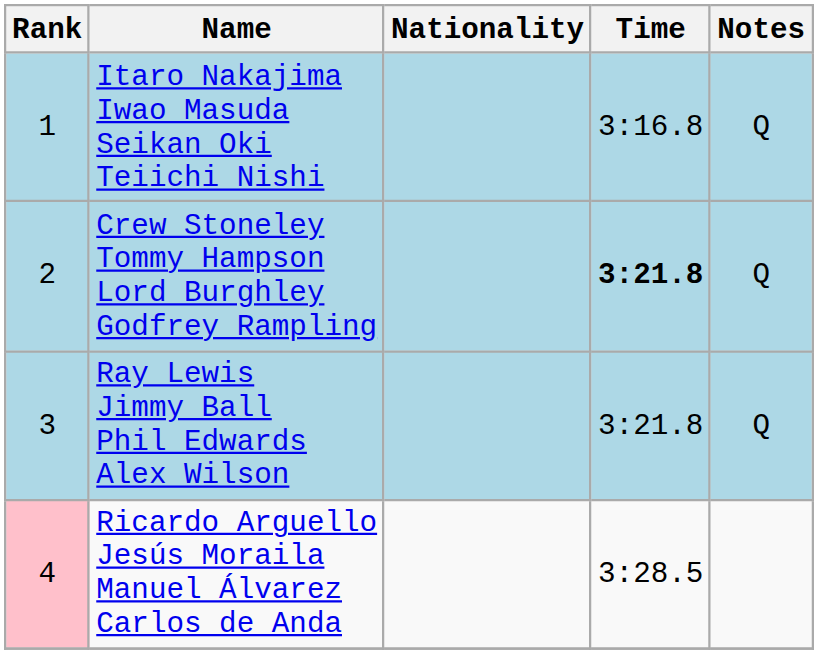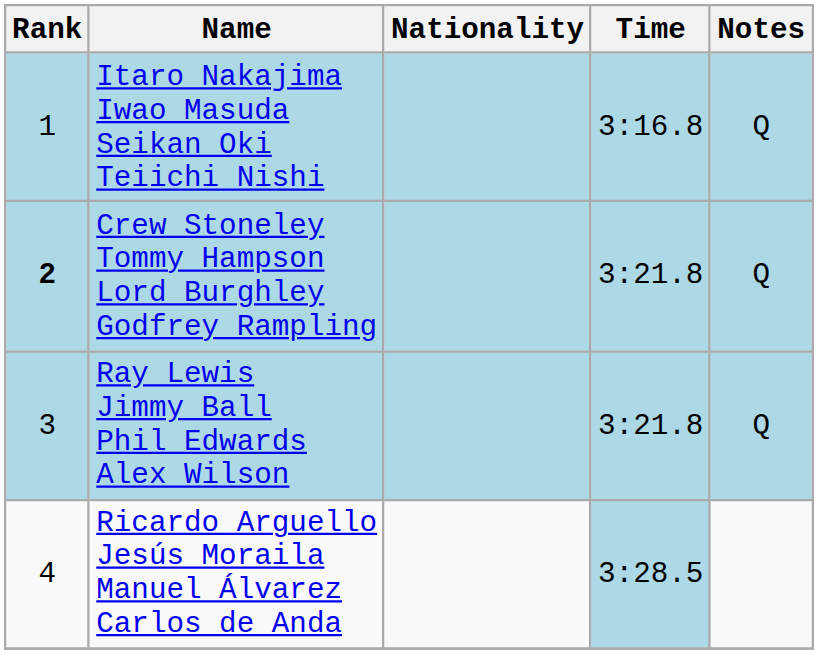 <table class="wikitable sortable" style="text-align:center">
 <tr>
 <th>Rank</th>
 <th>Name</th>
 <th>Nationality</th>
 <th>Time</th>
 <th>Notes</th>
 </tr>
 <tr bgcolor=lightblue>
 <td>1</td>
 <td align=left><a href='#'>Itaro Nakajima</a><br><a href='#'>Iwao Masuda</a><br><a href='#'>Seikan Oki</a><br><a href='#'>Teiichi Nishi</a></td>
 <td align=left></td>
 <td>3:16.8</td>
 <td>Q</td>
 </tr>
 <tr bgcolor=lightblue>
-<td>2</td>
+<td><strong>2</strong></td>
 <td align=left><a href='#'>Crew Stoneley</a><br><a href='#'>Tommy Hampson</a><br><a href='#'>Lord Burghley</a><br><a href='#'>Godfrey Rampling</a></td>
 <td align=left></td>
-<td><strong>3:21.8</strong></td>
+<td>3:21.8</td>
 <td>Q</td>
 </tr>
 <tr bgcolor=lightblue>
 <td>3</td>
 <td align=left><a href='#'>Ray Lewis</a><br><a href='#'>Jimmy Ball</a><br><a href='#'>Phil Edwards</a><br><a href='#'>Alex Wilson</a></td>
 <td align=left></td>
 <td>3:21.8</td>
 <td>Q</td>
 </tr>
 <tr>
-<td style="background: pink;">4</td>
+<td>4</td>
 <td align=left><a href='#'>Ricardo Arguello</a><br><a href='#'>Jesús Moraila</a><br><a href='#'>Manuel Álvarez</a><br><a href='#'>Carlos de Anda</a></td>
 <td align=left></td>
-<td>3:28.5</td>
+<td style="background: lightblue;">3:28.5</td>
 <td></td>
 </tr>
 <tr>
 </tr>
 </table>
